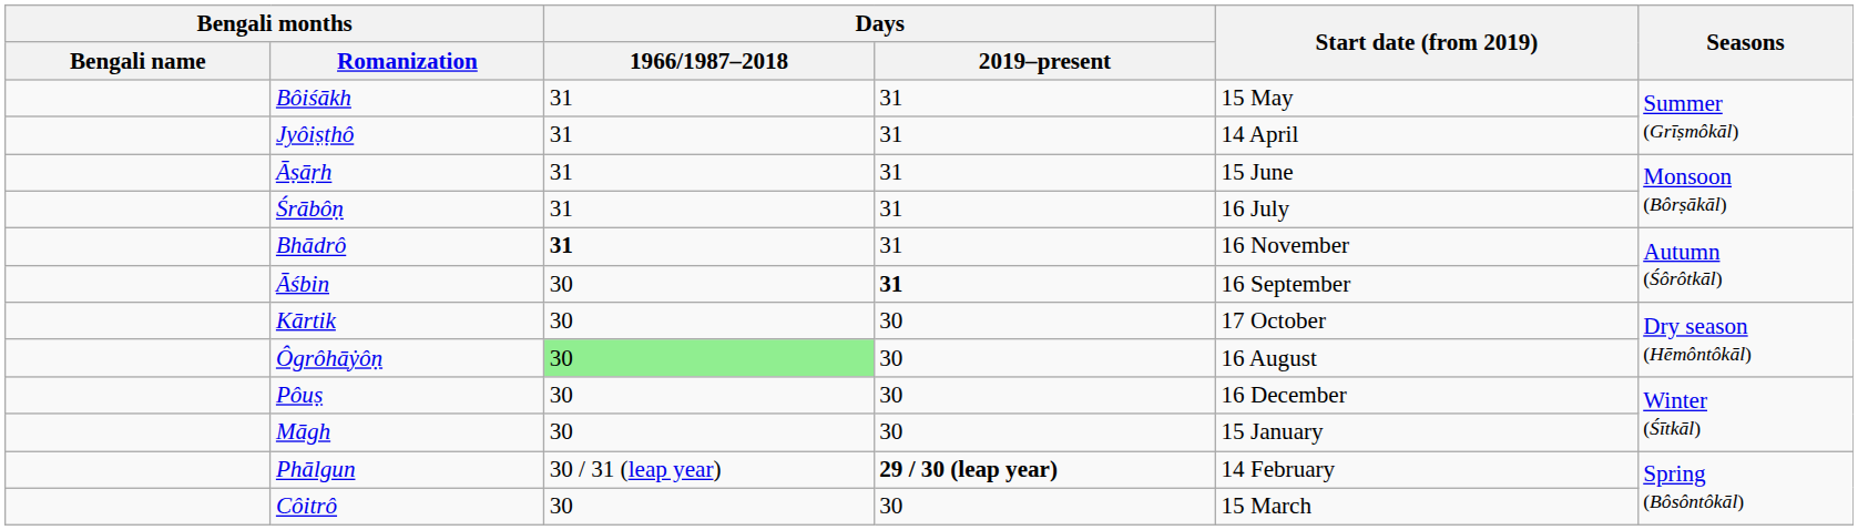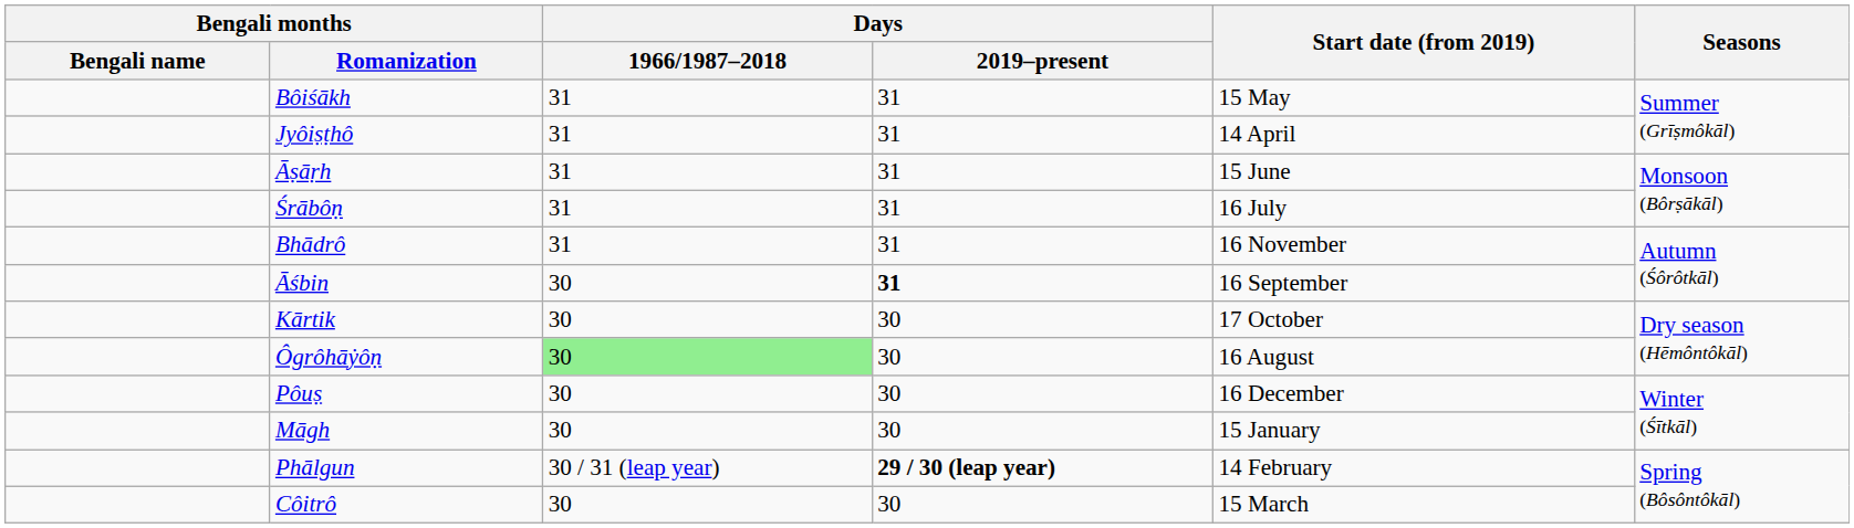 <table class="wikitable" style="width:100%;">
 <tr>
 <th colspan="2">Bengali months</th>
 <th colspan="2">Days</th>
 <th rowspan="2">Start date (from 2019)</th>
 <th rowspan="2">Seasons</th>
 </tr>
 <tr>
 <th>Bengali name</th>
 <th><a href='#'>Romanization</a></th>
 <th>1966/1987–2018</th>
 <th>2019–present</th>
 </tr>
 <tr>
 <td></td>
 <td><em><a href='#'>Bôiśākh</a></em></td>
 <td>31</td>
 <td>31</td>
 <td>15 May</td>
 <td rowspan="2"><a href='#'>Summer</a><br><small>(<em>Grīṣmôkāl</em>)</small></td>
 </tr>
 <tr>
 <td></td>
 <td><em><a href='#'>Jyôiṣṭhô</a></em></td>
 <td>31</td>
 <td>31</td>
 <td>14 April</td>
 </tr>
 <tr>
 <td></td>
 <td><em><a href='#'>Āṣāṛh</a></em></td>
 <td>31</td>
 <td>31</td>
 <td>15 June</td>
 <td rowspan="2"><a href='#'>Monsoon</a><br><small>(<em>Bôrṣākāl</em>)</small></td>
 </tr>
 <tr>
 <td></td>
 <td><em><a href='#'>Śrābôṇ</a></em></td>
 <td>31</td>
 <td>31</td>
 <td>16 July</td>
 </tr>
 <tr>
 <td></td>
 <td><em><a href='#'>Bhādrô</a></em></td>
-<td><strong>31</strong></td>
+<td>31</td>
 <td>31</td>
 <td>16 November</td>
 <td rowspan="2"><a href='#'>Autumn</a><br><small>(<em>Śôrôtkāl</em>)</small></td>
 </tr>
 <tr>
 <td></td>
 <td><em><a href='#'>Āśbin</a></em></td>
 <td>30</td>
 <td><strong>31</strong></td>
 <td>16 September</td>
 </tr>
 <tr>
 <td></td>
 <td><em><a href='#'>Kārtik</a></em></td>
 <td>30</td>
 <td>30</td>
 <td>17 October</td>
 <td rowspan="2"><a href='#'>Dry season</a><br><small>(<em>Hēmôntôkāl</em>)</small></td>
 </tr>
 <tr>
 <td></td>
 <td><em><a href='#'>Ôgrôhāẏôṇ</a></em></td>
 <td style="background: lightgreen;">30</td>
 <td>30</td>
 <td>16 August</td>
 </tr>
 <tr>
 <td></td>
 <td><em><a href='#'>Pôuṣ</a></em></td>
 <td>30</td>
 <td>30</td>
 <td>16 December</td>
 <td rowspan="2"><a href='#'>Winter</a><br><small>(<em>Śītkāl</em>)</small></td>
 </tr>
 <tr>
 <td></td>
 <td><em><a href='#'>Māgh</a></em></td>
 <td>30</td>
 <td>30</td>
 <td>15 January</td>
 </tr>
 <tr>
 <td></td>
 <td><em><a href='#'>Phālgun</a></em></td>
 <td>30 / 31 (<a href='#'>leap year</a>)</td>
 <td><strong>29 / 30 (leap year)</strong></td>
 <td>14 February</td>
 <td rowspan="2"><a href='#'>Spring</a><br><small>(<em>Bôsôntôkāl</em>)</small></td>
 </tr>
 <tr>
 <td></td>
 <td><em><a href='#'>Côitrô</a></em></td>
 <td>30</td>
 <td>30</td>
 <td>15 March</td>
 </tr>
 </table>
